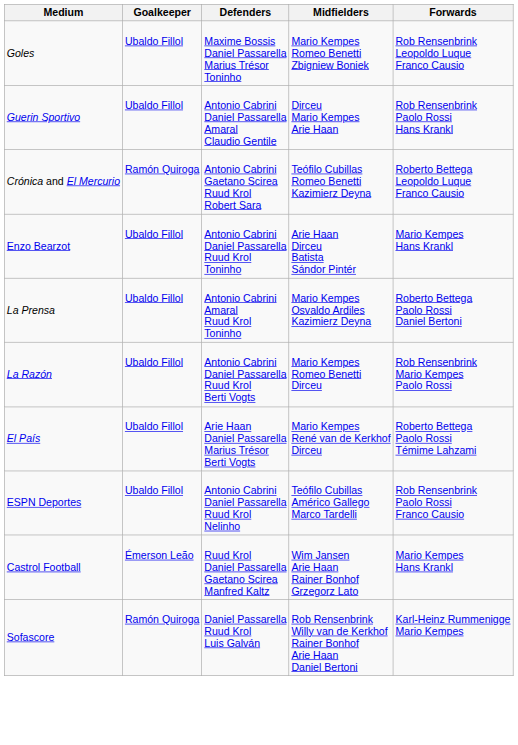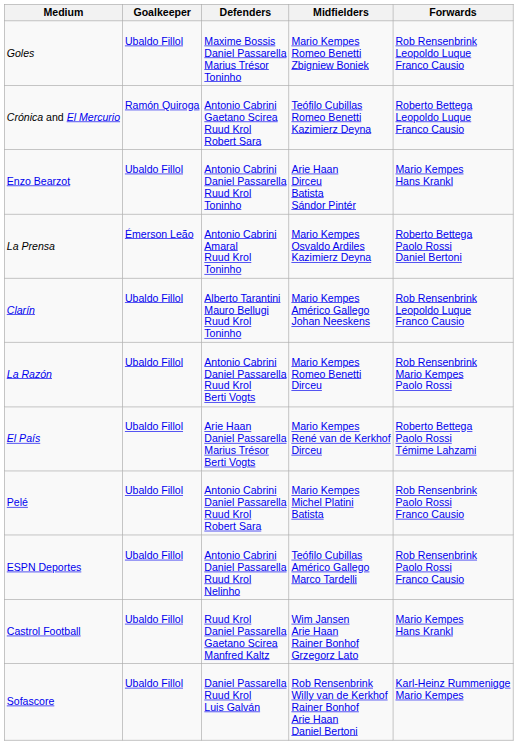 <table class="wikitable">
 <tr>
 <th>Medium</th>
 <th>Goalkeeper</th>
 <th>Defenders</th>
 <th>Midfielders</th>
 <th>Forwards</th>
 </tr>
 <tr>
 <td><em>Goles</em></td>
 <td valign="top"><br> <a href='#'>Ubaldo Fillol</a></td>
 <td valign="top"><br> <a href='#'>Maxime Bossis</a><br>  <a href='#'>Daniel Passarella</a><br>  <a href='#'>Marius Trésor</a><br>  <a href='#'>Toninho</a></td>
 <td valign="top"><br> <a href='#'>Mario Kempes</a><br>  <a href='#'>Romeo Benetti</a><br>  <a href='#'>Zbigniew Boniek</a></td>
 <td valign="top"><br> <a href='#'>Rob Rensenbrink</a><br>  <a href='#'>Leopoldo Luque</a><br>  <a href='#'>Franco Causio</a></td>
-</tr>
-<tr>
-<td><em><a href='#'>Guerin Sportivo</a></em></td>
-<td valign="top"><br> <a href='#'>Ubaldo Fillol</a></td>
-<td valign="top"><br> <a href='#'>Antonio Cabrini</a><br>  <a href='#'>Daniel Passarella</a><br>  <a href='#'>Amaral</a><br>  <a href='#'>Claudio Gentile</a></td>
-<td valign="top"><br> <a href='#'>Dirceu</a><br>  <a href='#'>Mario Kempes</a><br>  <a href='#'>Arie Haan</a></td>
-<td valign="top"><br> <a href='#'>Rob Rensenbrink</a><br>  <a href='#'>Paolo Rossi</a><br>  <a href='#'>Hans Krankl</a></td>
 </tr>
 <tr>
 <td><em>Crónica</em> and <em><a href='#'>El Mercurio</a></em></td>
 <td valign="top"><br> <a href='#'>Ramón Quiroga</a></td>
 <td valign="top"><br> <a href='#'>Antonio Cabrini</a><br>  <a href='#'>Gaetano Scirea</a><br>  <a href='#'>Ruud Krol</a><br>  <a href='#'>Robert Sara</a></td>
 <td valign="top"><br> <a href='#'>Teófilo Cubillas</a><br>  <a href='#'>Romeo Benetti</a><br>  <a href='#'>Kazimierz Deyna</a></td>
 <td valign="top"><br> <a href='#'>Roberto Bettega</a><br>  <a href='#'>Leopoldo Luque</a><br>  <a href='#'>Franco Causio</a></td>
 </tr>
 <tr>
 <td><a href='#'>Enzo Bearzot</a><em></em></td>
 <td valign="top"><br> <a href='#'>Ubaldo Fillol</a></td>
 <td valign="top"><br> <a href='#'>Antonio Cabrini</a><br>  <a href='#'>Daniel Passarella</a><br>  <a href='#'>Ruud Krol</a><br>  <a href='#'>Toninho</a></td>
 <td valign="top"><br> <a href='#'>Arie Haan</a><br>  <a href='#'>Dirceu</a><br>  <a href='#'>Batista</a><br>  <a href='#'>Sándor Pintér</a></td>
 <td valign="top"><br> <a href='#'>Mario Kempes</a><br>  <a href='#'>Hans Krankl</a></td>
 </tr>
 <tr>
 <td><em>La Prensa</em></td>
-<td valign="top"><br> <a href='#'>Ubaldo Fillol</a></td>
+<td valign="top"><br> <a href='#'>Émerson Leão</a></td>
 <td valign="top"><br> <a href='#'>Antonio Cabrini</a><br>  <a href='#'>Amaral</a><br>  <a href='#'>Ruud Krol</a><br>  <a href='#'>Toninho</a></td>
 <td valign="top"><br> <a href='#'>Mario Kempes</a><br>  <a href='#'>Osvaldo Ardiles</a><br>  <a href='#'>Kazimierz Deyna</a></td>
 <td valign="top"><br> <a href='#'>Roberto Bettega</a><br>  <a href='#'>Paolo Rossi</a><br>  <a href='#'>Daniel Bertoni</a></td>
+</tr>
+<tr>
+<td><em><a href='#'>Clarín</a></em></td>
+<td valign="top"><br> <a href='#'>Ubaldo Fillol</a></td>
+<td valign="top"><br> <a href='#'>Alberto Tarantini</a><br>  <a href='#'>Mauro Bellugi</a><br>  <a href='#'>Ruud Krol</a><br>  <a href='#'>Toninho</a></td>
+<td valign="top"><br> <a href='#'>Mario Kempes</a><br>  <a href='#'>Américo Gallego</a><br>  <a href='#'>Johan Neeskens</a></td>
+<td valign="top"><br> <a href='#'>Rob Rensenbrink</a><br>  <a href='#'>Leopoldo Luque</a><br>  <a href='#'>Franco Causio</a></td>
 </tr>
 <tr>
 <td><em><a href='#'>La Razón</a></em></td>
 <td valign="top"><br> <a href='#'>Ubaldo Fillol</a></td>
 <td valign="top"><br> <a href='#'>Antonio Cabrini</a><br>  <a href='#'>Daniel Passarella</a><br>  <a href='#'>Ruud Krol</a><br>  <a href='#'>Berti Vogts</a></td>
 <td valign="top"><br> <a href='#'>Mario Kempes</a><br>  <a href='#'>Romeo Benetti</a><br>  <a href='#'>Dirceu</a></td>
 <td valign="top"><br> <a href='#'>Rob Rensenbrink</a><br>  <a href='#'>Mario Kempes</a><br>  <a href='#'>Paolo Rossi</a></td>
 </tr>
 <tr>
 <td><em><a href='#'>El País</a></em></td>
 <td valign="top"><br> <a href='#'>Ubaldo Fillol</a></td>
 <td valign="top"><br> <a href='#'>Arie Haan</a><br>  <a href='#'>Daniel Passarella</a><br>  <a href='#'>Marius Trésor</a><br>  <a href='#'>Berti Vogts</a></td>
 <td valign="top"><br> <a href='#'>Mario Kempes</a><br>  <a href='#'>René van de Kerkhof</a><br>  <a href='#'>Dirceu</a></td>
 <td valign="top"><br> <a href='#'>Roberto Bettega</a><br>  <a href='#'>Paolo Rossi</a><br>  <a href='#'>Témime Lahzami</a></td>
 </tr>
 <tr>
+<td><a href='#'>Pelé</a></td>
+<td valign="top"><br> <a href='#'>Ubaldo Fillol</a></td>
+<td valign="top"><br> <a href='#'>Antonio Cabrini</a><br>  <a href='#'>Daniel Passarella</a><br>  <a href='#'>Ruud Krol</a><br>  <a href='#'>Robert Sara</a></td>
+<td valign="top"><br> <a href='#'>Mario Kempes</a><br>  <a href='#'>Michel Platini</a><br>  <a href='#'>Batista</a><br></td>
+<td valign="top"><br> <a href='#'>Rob Rensenbrink</a><br>  <a href='#'>Paolo Rossi</a><br>  <a href='#'>Franco Causio</a></td>
+</tr>
+<tr>
 <td><a href='#'>ESPN Deportes</a></td>
 <td valign="top"><br> <a href='#'>Ubaldo Fillol</a></td>
 <td valign="top"><br> <a href='#'>Antonio Cabrini</a><br>  <a href='#'>Daniel Passarella</a><br>  <a href='#'>Ruud Krol</a><br>  <a href='#'>Nelinho</a></td>
 <td valign="top"><br> <a href='#'>Teófilo Cubillas</a><br>  <a href='#'>Américo Gallego</a><br>  <a href='#'>Marco Tardelli</a></td>
 <td valign="top"><br> <a href='#'>Rob Rensenbrink</a><br>  <a href='#'>Paolo Rossi</a><br>  <a href='#'>Franco Causio</a></td>
 </tr>
 <tr>
 <td><a href='#'>Castrol Football</a></td>
-<td valign="top"><br> <a href='#'>Émerson Leão</a></td>
+<td valign="top"><br> <a href='#'>Ubaldo Fillol</a></td>
 <td valign="top"><br> <a href='#'>Ruud Krol</a><br>  <a href='#'>Daniel Passarella</a><br>  <a href='#'>Gaetano Scirea</a><br>  <a href='#'>Manfred Kaltz</a></td>
 <td valign="top"><br> <a href='#'>Wim Jansen</a><br>  <a href='#'>Arie Haan</a><br>  <a href='#'>Rainer Bonhof</a><br>  <a href='#'>Grzegorz Lato</a></td>
 <td valign="top"><br> <a href='#'>Mario Kempes</a><br>  <a href='#'>Hans Krankl</a></td>
 </tr>
 <tr>
 <td><a href='#'>Sofascore</a></td>
-<td valign="top"><br> <a href='#'>Ramón Quiroga</a></td>
+<td valign="top"><br> <a href='#'>Ubaldo Fillol</a></td>
 <td valign="top"><br> <a href='#'>Daniel Passarella</a><br>  <a href='#'>Ruud Krol</a><br>  <a href='#'>Luis Galván</a></td>
 <td valign="top"><br> <a href='#'>Rob Rensenbrink</a><br>  <a href='#'>Willy van de Kerkhof</a><br>  <a href='#'>Rainer Bonhof</a><br>  <a href='#'>Arie Haan</a><br>  <a href='#'>Daniel Bertoni</a></td>
 <td valign="top"><br> <a href='#'>Karl-Heinz Rummenigge</a><br>  <a href='#'>Mario Kempes</a></td>
 </tr>
 </table>
